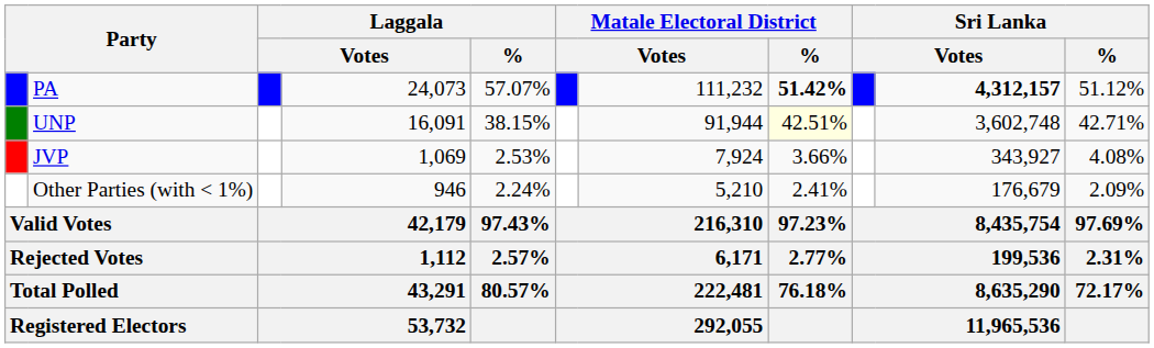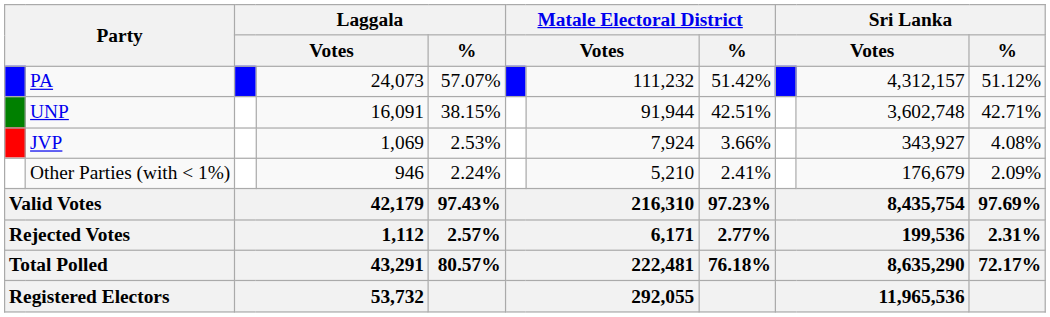 <table class="wikitable">
 <tr>
 <th colspan="2" width="144px"rowspan="2">Party</th>
 <th colspan="3" width="216px">Laggala</th>
 <th colspan="3" width="216px"><a href='#'>Matale Electoral District</a></th>
 <th colspan="3" width="216px">Sri Lanka</th>
 </tr>
 <tr>
 <th colspan="2" width="144px">Votes</th>
 <th>%</th>
 <th colspan="2" width="144px">Votes</th>
 <th>%</th>
 <th colspan="2" width="144px">Votes</th>
 <th>%</th>
 </tr>
 <tr>
 <td style="background-color:blue;" width="10px"></td>
 <td style="text-align:left;"><a href='#'>PA</a></td>
 <td style="background-color:blue;" width="10px"></td>
 <td style="text-align:right;">24,073</td>
 <td style="text-align:right;">57.07%</td>
 <td style="background-color:blue;" width="10px"></td>
 <td style="text-align:right;">111,232</td>
-<td style="text-align:right;"><strong>51.42%</strong></td>
+<td style="text-align:right;">51.42%</td>
 <td style="background-color:blue;" width="10px"></td>
-<td style="text-align:right;"><strong>4,312,157</strong></td>
+<td style="text-align:right;">4,312,157</td>
 <td style="text-align:right;">51.12%</td>
 </tr>
 <tr>
 <td style="background-color:green;" width="10px"></td>
 <td style="text-align:left;"><a href='#'>UNP</a></td>
 <td style="background-color:white;" width="10px"></td>
 <td style="text-align:right;">16,091</td>
 <td style="text-align:right;">38.15%</td>
 <td style="background-color:white;" width="10px"></td>
 <td style="text-align:right;">91,944</td>
-<td style="background: lightyellow; text-align:right;">42.51%</td>
+<td style="text-align:right;">42.51%</td>
 <td style="background-color:white;" width="10px"></td>
 <td style="text-align:right;">3,602,748</td>
 <td style="text-align:right;">42.71%</td>
 </tr>
 <tr>
 <td style="background-color:red;" width="10px"></td>
 <td style="text-align:left;"><a href='#'>JVP</a></td>
 <td style="background-color:white;" width="10px"></td>
 <td style="text-align:right;">1,069</td>
 <td style="text-align:right;">2.53%</td>
 <td style="background-color:white;" width="10px"></td>
 <td style="text-align:right;">7,924</td>
 <td style="text-align:right;">3.66%</td>
 <td style="background-color:white;" width="10px"></td>
 <td style="text-align:right;">343,927</td>
 <td style="text-align:right;">4.08%</td>
 </tr>
 <tr>
 <td style="background-color:white;" width="10px"></td>
 <td style="text-align:left;">Other Parties (with < 1%)</td>
 <td style="background-color:white;" width="10px"></td>
 <td style="text-align:right;">946</td>
 <td style="text-align:right;">2.24%</td>
 <td style="background-color:white;" width="10px"></td>
 <td style="text-align:right;">5,210</td>
 <td style="text-align:right;">2.41%</td>
 <td style="background-color:white;" width="10px"></td>
 <td style="text-align:right;">176,679</td>
 <td style="text-align:right;">2.09%</td>
 </tr>
 <tr>
 <th colspan="2" width="144px"style="text-align:left;">Valid Votes</th>
 <th style="text-align:right;"colspan="2" width="144px">42,179</th>
 <th style="text-align:right;">97.43%</th>
 <th style="text-align:right;"colspan="2" width="144px">216,310</th>
 <th style="text-align:right;">97.23%</th>
 <th style="text-align:right;"colspan="2" width="144px">8,435,754</th>
 <th style="text-align:right;">97.69%</th>
 </tr>
 <tr>
 <th colspan="2" width="144px"style="text-align:left;">Rejected Votes</th>
 <th style="text-align:right;"colspan="2" width="144px">1,112</th>
 <th style="text-align:right;">2.57%</th>
 <th style="text-align:right;"colspan="2" width="144px">6,171</th>
 <th style="text-align:right;">2.77%</th>
 <th style="text-align:right;"colspan="2" width="144px">199,536</th>
 <th style="text-align:right;">2.31%</th>
 </tr>
 <tr>
 <th colspan="2" width="144px"style="text-align:left;">Total Polled</th>
 <th style="text-align:right;"colspan="2" width="144px">43,291</th>
 <th style="text-align:right;">80.57%</th>
 <th style="text-align:right;"colspan="2" width="144px">222,481</th>
 <th style="text-align:right;">76.18%</th>
 <th style="text-align:right;"colspan="2" width="144px">8,635,290</th>
 <th style="text-align:right;">72.17%</th>
 </tr>
 <tr>
 <th colspan="2" width="144px"style="text-align:left;">Registered Electors</th>
 <th style="text-align:right;"colspan="2" width="144px">53,732</th>
 <th></th>
 <th style="text-align:right;"colspan="2" width="144px">292,055</th>
 <th></th>
 <th style="text-align:right;"colspan="2" width="144px">11,965,536</th>
 <th></th>
 </tr>
 </table>
